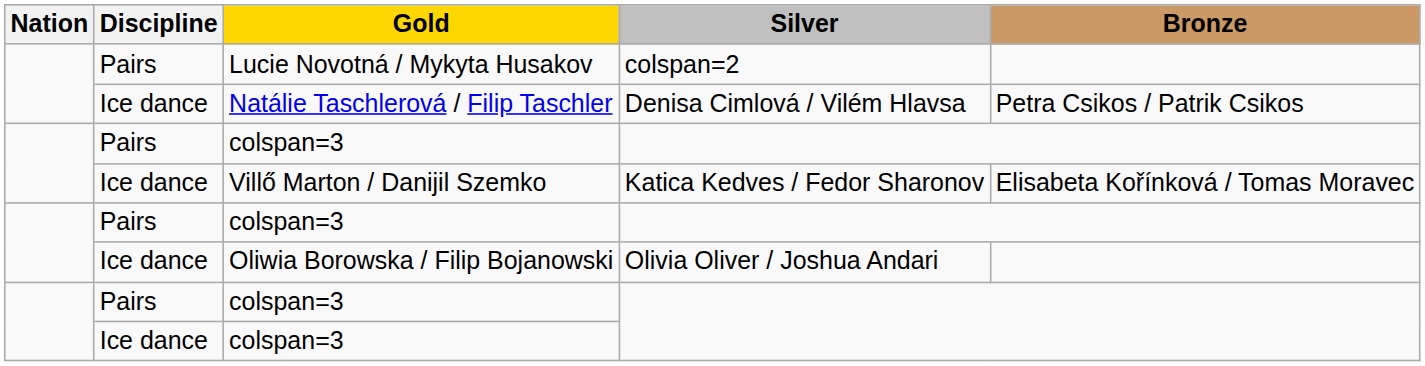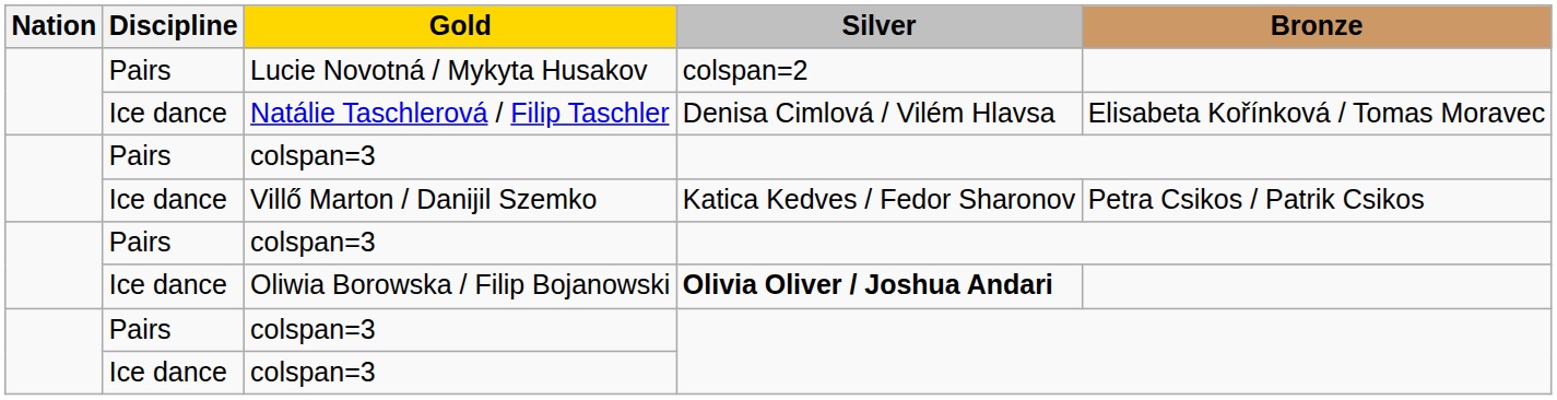 <table class="wikitable">
 <tr>
 <th>Nation</th>
 <th>Discipline</th>
 <td align=center bgcolor=gold><strong>Gold</strong></td>
 <td align=center bgcolor=silver><strong>Silver</strong></td>
 <td align=center bgcolor=cc9966><strong>Bronze</strong></td>
 </tr>
 <tr>
 <td rowspan=2><strong></strong></td>
 <td>Pairs</td>
 <td>Lucie Novotná / Mykyta Husakov</td>
 <td>colspan=2 </td>
 </tr>
 <tr>
 <td>Ice dance</td>
 <td><a href='#'>Natálie Taschlerová</a> / <a href='#'>Filip Taschler</a></td>
 <td>Denisa Cimlová / Vilém Hlavsa</td>
-<td>Petra Csikos / Patrik Csikos</td>
+<td>Elisabeta Kořínková / Tomas Moravec</td>
 </tr>
 <tr>
 <td rowspan=2><strong></strong></td>
 <td>Pairs</td>
 <td>colspan=3 </td>
 </tr>
 <tr>
 <td>Ice dance</td>
 <td>Villő Marton / Danijil Szemko</td>
 <td>Katica Kedves / Fedor Sharonov</td>
-<td>Elisabeta Kořínková / Tomas Moravec</td>
+<td>Petra Csikos / Patrik Csikos</td>
 </tr>
 <tr>
 <td rowspan=2><strong></strong></td>
 <td>Pairs</td>
 <td>colspan=3 </td>
 </tr>
 <tr>
 <td>Ice dance</td>
 <td>Oliwia Borowska / Filip Bojanowski</td>
-<td>Olivia Oliver / Joshua Andari</td>
+<td><strong>Olivia Oliver / Joshua Andari</strong></td>
 <td></td>
 </tr>
 <tr>
 <td rowspan=2><strong></strong></td>
 <td>Pairs</td>
 <td>colspan=3 </td>
 </tr>
 <tr>
 <td>Ice dance</td>
 <td>colspan=3 </td>
 </tr>
 </table>
